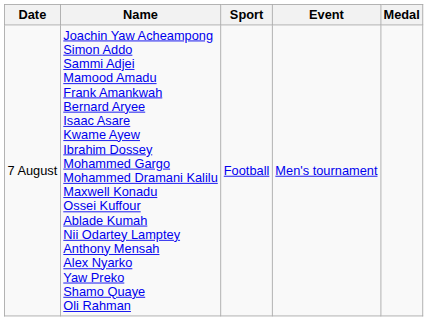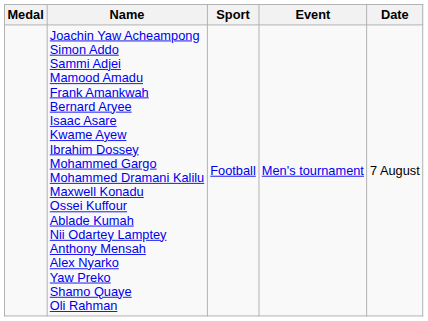 <table class="wikitable" style="font-size:90%">
 <tr>
-<th>Date</th>
+<th>Medal</th>
 <th>Name</th>
 <th>Sport</th>
 <th>Event</th>
-<th>Medal</th>
+<th>Date</th>
 </tr>
 <tr>
-<td>7 August</td>
+<td></td>
 <td><a href='#'>Joachin Yaw Acheampong</a> <br><a href='#'>Simon Addo</a> <br><a href='#'>Sammi Adjei</a> <br><a href='#'>Mamood Amadu</a> <br><a href='#'>Frank Amankwah</a> <br><a href='#'>Bernard Aryee</a> <br><a href='#'>Isaac Asare</a> <br><a href='#'>Kwame Ayew</a> <br><a href='#'>Ibrahim Dossey</a>  <br><a href='#'>Mohammed Gargo</a> <br><a href='#'>Mohammed Dramani Kalilu</a> <br><a href='#'>Maxwell Konadu</a> <br><a href='#'>Ossei Kuffour</a> <br><a href='#'>Ablade Kumah</a> <br><a href='#'>Nii Odartey Lamptey</a> <br><a href='#'>Anthony Mensah</a> <br><a href='#'>Alex Nyarko</a> <br><a href='#'>Yaw Preko</a> <br><a href='#'>Shamo Quaye</a> <br><a href='#'>Oli Rahman</a></td>
 <td><a href='#'>Football</a></td>
 <td><a href='#'>Men's tournament</a></td>
-<td></td>
+<td>7 August</td>
 </tr>
 </table>
